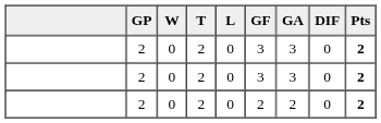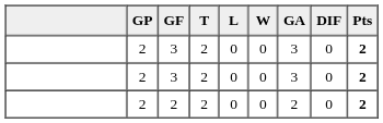 <table border=1 cellpadding=5 cellspacing=0>
 <tr>
 <th bgcolor="#efefef" width="120">　</th>
 <th bgcolor="#efefef" width="20">GP</th>
-<th bgcolor="#efefef" width="20">W</th>
+<th bgcolor="#efefef" width="20">GF</th>
 <th bgcolor="#efefef" width="20">T</th>
 <th bgcolor="#efefef" width="20">L</th>
-<th bgcolor="#efefef" width="20">GF</th>
+<th bgcolor="#efefef" width="20">W</th>
 <th bgcolor="#efefef" width="20">GA</th>
 <th bgcolor="#efefef" width="20">DIF</th>
 <th bgcolor="#efefef" width="20">Pts</th>
 </tr>
 <tr align=center>
 <td align=left><strong></strong></td>
 <td>2</td>
-<td>0</td>
+<td>3</td>
 <td>2</td>
 <td>0</td>
-<td>3</td>
+<td>0</td>
 <td>3</td>
 <td>0</td>
 <td><strong>2</strong></td>
 </tr>
 <tr align=center>
 <td align=left><strong></strong></td>
 <td>2</td>
-<td>0</td>
+<td>3</td>
 <td>2</td>
 <td>0</td>
-<td>3</td>
+<td>0</td>
 <td>3</td>
 <td>0</td>
 <td><strong>2</strong></td>
 </tr>
 <tr align=center>
 <td align=left><strong></strong></td>
 <td>2</td>
-<td>0</td>
+<td>2</td>
 <td>2</td>
 <td>0</td>
-<td>2</td>
+<td>0</td>
 <td>2</td>
 <td>0</td>
 <td><strong>2</strong></td>
 </tr>
 </table>
